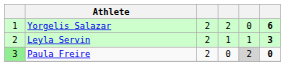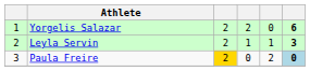 <table class="wikitable" style="text-align: center; font-size:100% ">
 <tr>
 <th width=25></th>
 <th width=250>Athlete</th>
 <th width=25></th>
 <th width=25></th>
 <th width=25></th>
 <th width=25></th>
 </tr>
 <tr bgcolor="ccffcc">
 <td>1</td>
 <td align=left> <a href='#'>Yorgelis Salazar</a></td>
 <td>2</td>
 <td>2</td>
 <td>0</td>
 <td><strong>6</strong></td>
 </tr>
 <tr bgcolor="ccffcc">
 <td>2</td>
 <td align=left> <a href='#'>Leyla Servin</a></td>
 <td>2</td>
 <td>1</td>
 <td>1</td>
 <td><strong>3</strong></td>
 </tr>
 <tr>
-<td style="background: lightgreen;">3</td>
+<td>3</td>
 <td align=left> <a href='#'>Paula Freire</a></td>
+<td style="background: gold;">2</td>
+<td>0</td>
 <td>2</td>
-<td>0</td>
-<td style="background: lightgrey;">2</td>
-<td><strong>0</strong></td>
+<td style="background: lightblue;"><strong>0</strong></td>
 </tr>
 <tr>
 </tr>
 </table>
